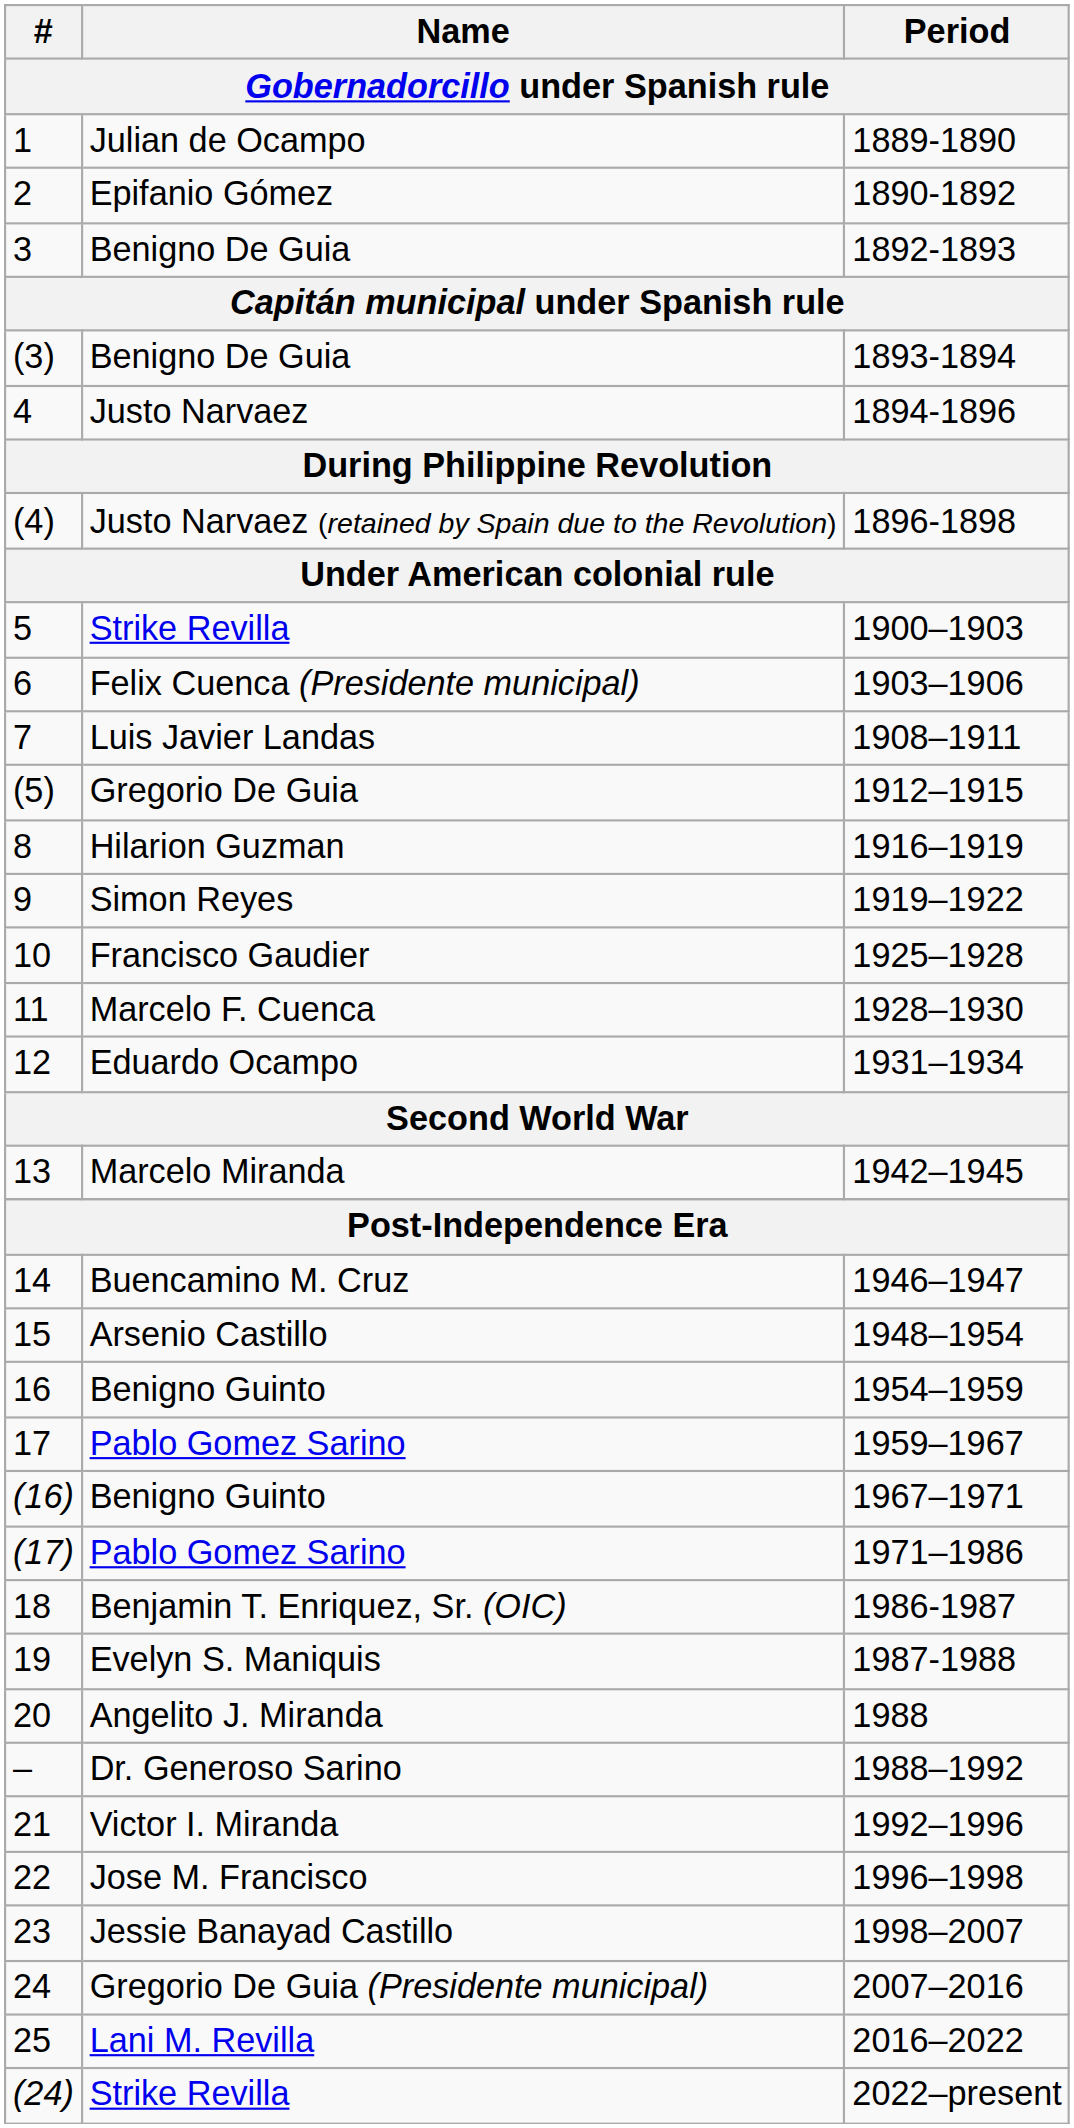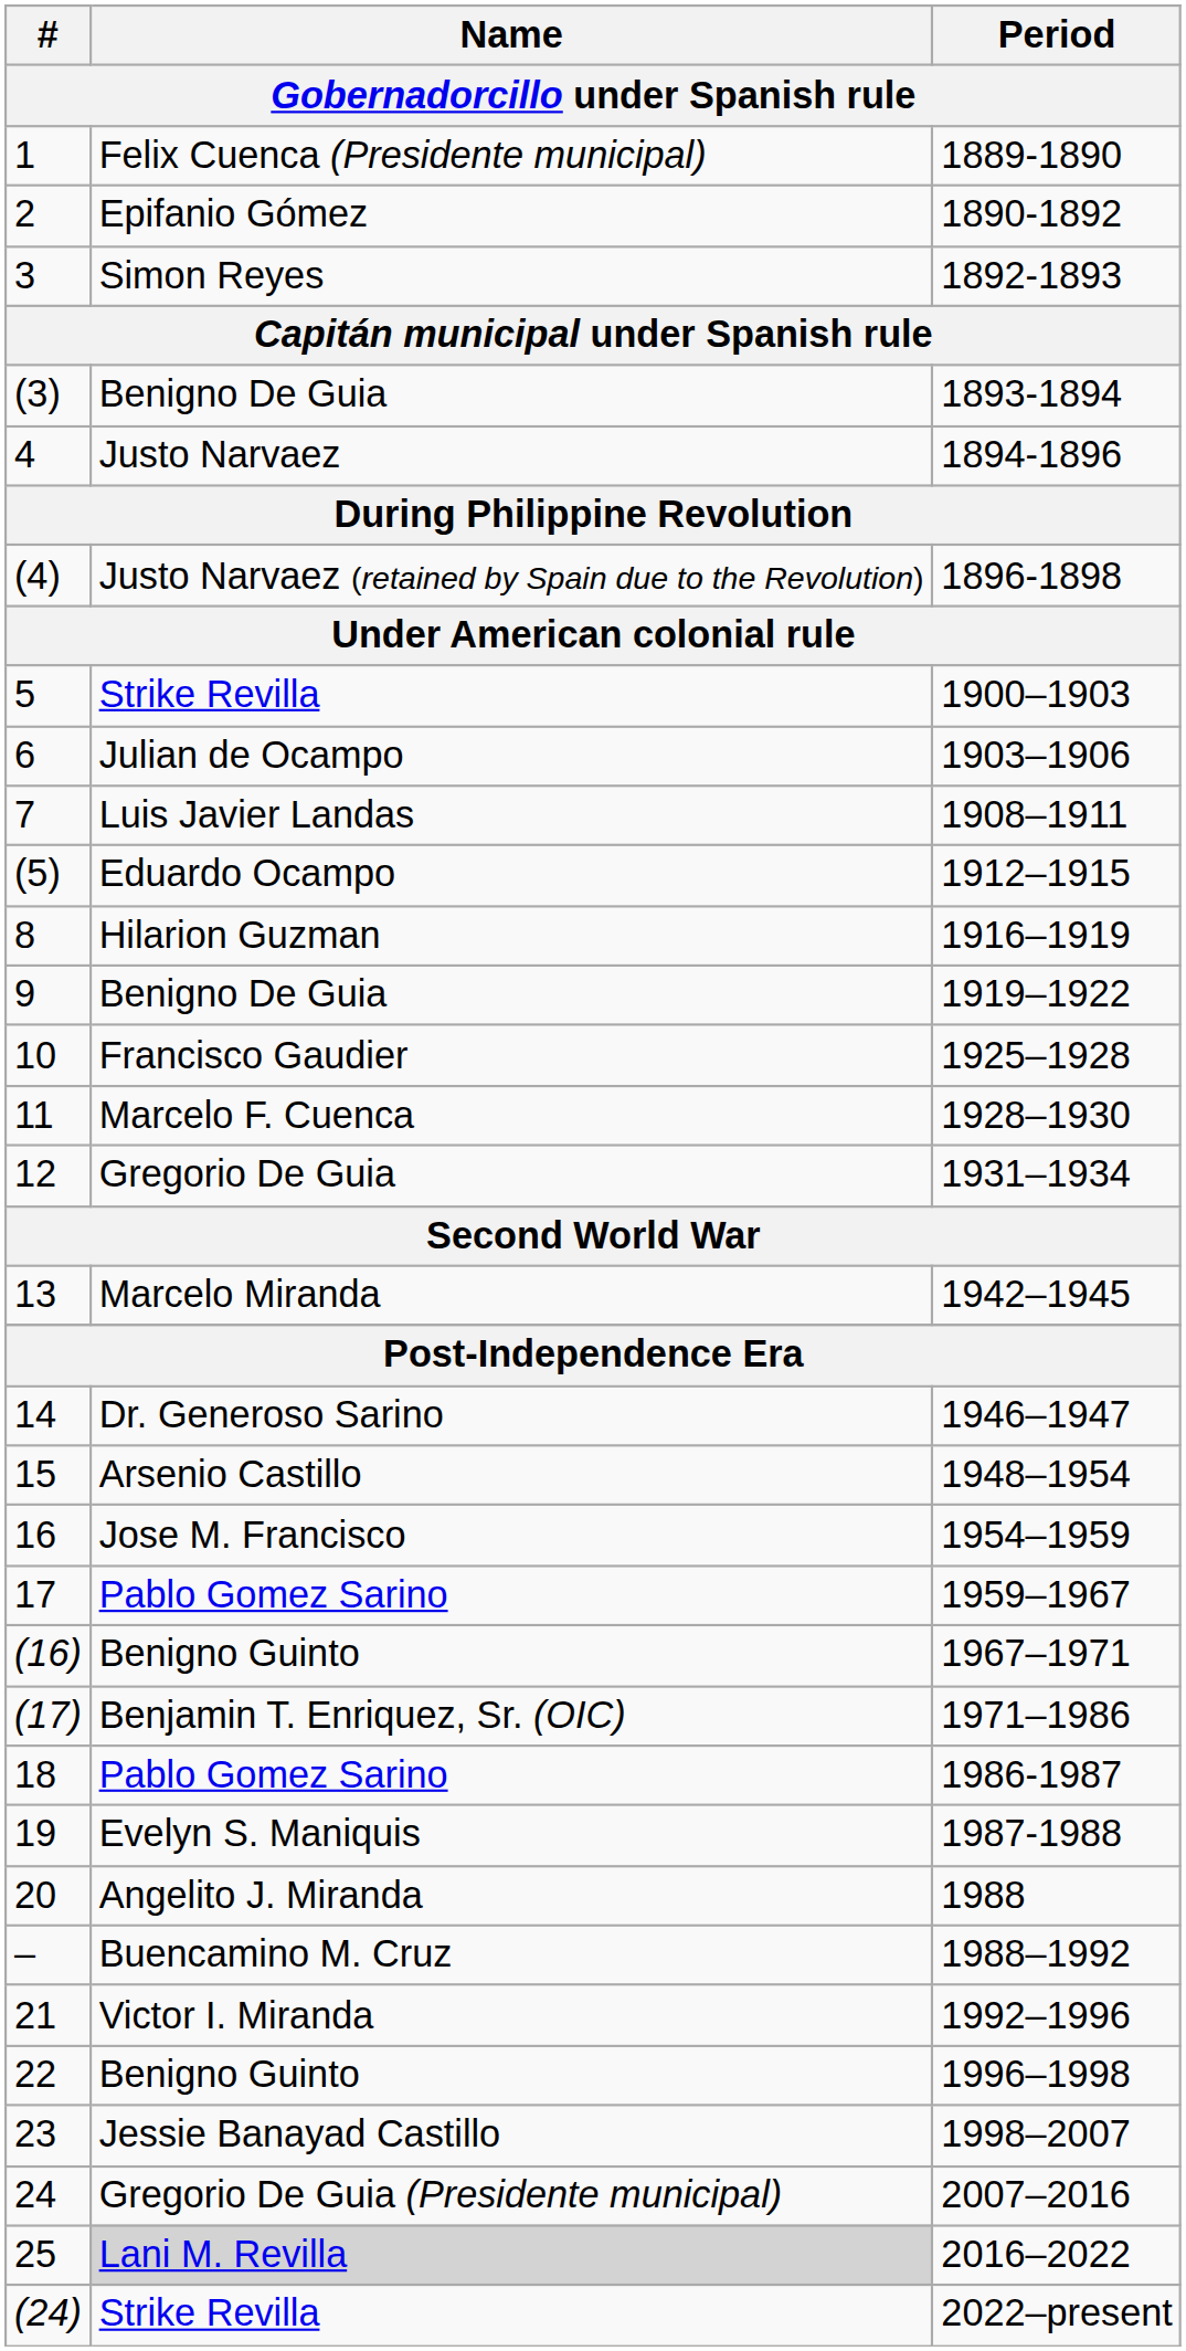 <table class="wikitable" style="text-align:center;">
 <tr>
 <th>#</th>
 <th>Name</th>
 <th>Period</th>
 </tr>
 <tr>
 <th colspan=3 align=left><em><a href='#'>Gobernadorcillo</a></em> under Spanish rule</th>
 </tr>
 <tr style="text-align:left;">
 <td>1</td>
-<td>Julian de Ocampo</td>
+<td>Felix Cuenca <em>(Presidente municipal)</em></td>
 <td>1889-1890</td>
 </tr>
 <tr style="text-align:left;">
 <td>2</td>
 <td>Epifanio Gómez</td>
 <td>1890-1892 </td>
 </tr>
 <tr style="text-align:left;">
 <td>3</td>
-<td>Benigno De Guia</td>
+<td>Simon Reyes</td>
 <td>1892-1893</td>
 </tr>
 <tr>
 <th colspan=3 align=left><em>Capitán municipal</em> under Spanish rule</th>
 </tr>
 <tr style="text-align:left;">
 <td>(3)</td>
 <td>Benigno De Guia</td>
 <td>1893-1894</td>
 </tr>
 <tr style="text-align:left;">
 <td>4</td>
 <td>Justo Narvaez</td>
 <td>1894-1896</td>
 </tr>
 <tr>
 <th colspan=3 align=left>During Philippine Revolution</th>
 </tr>
 <tr style="text-align:left;">
 <td>(4)</td>
 <td>Justo Narvaez <small>(<em>retained by Spain due to the Revolution</em>)</small></td>
 <td>1896-1898</td>
 </tr>
 <tr>
 <th colspan=3 align=left>Under American colonial rule</th>
 </tr>
 <tr style="text-align:left;">
 <td>5</td>
 <td><a href='#'>Strike Revilla</a></td>
 <td>1900–1903</td>
 </tr>
 <tr style="text-align:left;">
 <td>6</td>
-<td>Felix Cuenca <em>(Presidente municipal)</em></td>
+<td>Julian de Ocampo</td>
 <td>1903–1906</td>
 </tr>
 <tr style="text-align:left;">
 <td>7</td>
 <td>Luis Javier Landas</td>
 <td>1908–1911</td>
 </tr>
 <tr style="text-align:left;">
 <td>(5)</td>
-<td>Gregorio De Guia</td>
+<td>Eduardo Ocampo</td>
 <td>1912–1915</td>
 </tr>
 <tr style="text-align:left;">
 <td>8</td>
 <td>Hilarion Guzman</td>
 <td>1916–1919</td>
 </tr>
 <tr style="text-align:left;">
 <td>9</td>
-<td>Simon Reyes</td>
+<td>Benigno De Guia</td>
 <td>1919–1922</td>
 </tr>
 <tr style="text-align:left;">
 <td>10</td>
 <td>Francisco Gaudier</td>
 <td>1925–1928</td>
 </tr>
 <tr style="text-align:left;">
 <td>11</td>
 <td>Marcelo F. Cuenca</td>
 <td>1928–1930</td>
 </tr>
 <tr style="text-align:left;">
 <td>12</td>
-<td>Eduardo Ocampo</td>
+<td>Gregorio De Guia</td>
 <td>1931–1934</td>
 </tr>
 <tr>
 <th colspan=3 align=left>Second World War</th>
 </tr>
 <tr style="text-align:left;">
 <td>13</td>
 <td>Marcelo Miranda</td>
 <td>1942–1945</td>
 </tr>
 <tr style="text-align:left;">
 </tr>
 <tr>
 <th colspan=3 align=left>Post-Independence Era</th>
 </tr>
 <tr style="text-align:left;">
 <td>14</td>
-<td>Buencamino M. Cruz</td>
+<td>Dr. Generoso Sarino</td>
 <td>1946–1947</td>
 </tr>
 <tr style="text-align:left;">
 <td>15</td>
 <td>Arsenio Castillo</td>
 <td>1948–1954</td>
 </tr>
 <tr style="text-align:left;">
 <td>16</td>
-<td>Benigno Guinto</td>
+<td>Jose M. Francisco</td>
 <td>1954–1959</td>
 </tr>
 <tr style="text-align:left;">
 <td>17</td>
 <td><a href='#'>Pablo Gomez Sarino</a></td>
 <td>1959–1967 </td>
 </tr>
 <tr style="text-align:left;">
 <td><em>(16)</em></td>
 <td>Benigno Guinto</td>
 <td>1967–1971</td>
 </tr>
 <tr style="text-align:left;">
 <td><em>(17)</em></td>
-<td><a href='#'>Pablo Gomez Sarino</a></td>
+<td>Benjamin T. Enriquez, Sr. <em>(OIC)</em></td>
 <td>1971–1986 </td>
 </tr>
 <tr style="text-align:left;">
 <td>18</td>
-<td>Benjamin T. Enriquez, Sr. <em>(OIC)</em></td>
+<td><a href='#'>Pablo Gomez Sarino</a></td>
 <td>1986-1987</td>
 </tr>
 <tr style="text-align:left;">
 <td>19</td>
 <td>Evelyn S. Maniquis</td>
 <td>1987-1988</td>
 </tr>
 <tr style="text-align:left;">
 <td>20</td>
 <td>Angelito J. Miranda</td>
 <td>1988</td>
 </tr>
 <tr style="text-align:left;">
 <td>–</td>
-<td>Dr. Generoso Sarino</td>
+<td>Buencamino M. Cruz</td>
 <td>1988–1992</td>
 </tr>
 <tr style="text-align:left;">
 <td>21</td>
 <td>Victor I. Miranda</td>
 <td>1992–1996</td>
 </tr>
 <tr style="text-align:left;">
 <td>22</td>
-<td>Jose M. Francisco</td>
+<td>Benigno Guinto</td>
 <td>1996–1998</td>
 </tr>
 <tr style="text-align:left;">
 <td>23</td>
 <td>Jessie Banayad Castillo</td>
 <td>1998–2007</td>
 </tr>
 <tr style="text-align:left;">
 <td>24</td>
 <td>Gregorio De Guia <em>(Presidente municipal)</em></td>
 <td>2007–2016</td>
 </tr>
 <tr style="text-align:left;">
 <td>25</td>
-<td><a href='#'>Lani M. Revilla</a></td>
+<td style="background: lightgrey;"><a href='#'>Lani M. Revilla</a></td>
 <td>2016–2022</td>
 </tr>
 <tr style="text-align:left;">
 <td><em>(24)</em></td>
 <td><a href='#'>Strike Revilla</a></td>
 <td>2022–present</td>
 </tr>
 </table>
